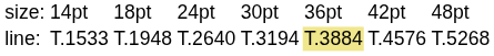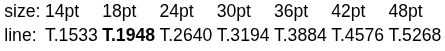 <table style="margin-left:40px;">
 <tr>
 <td>size:</td>
 <td>14pt</td>
 <td>18pt</td>
 <td>24pt</td>
 <td>30pt</td>
 <td>36pt</td>
 <td>42pt</td>
 <td>48pt</td>
 </tr>
 <tr>
 <td>line:</td>
 <td>T.1533</td>
-<td>T.1948</td>
+<td><strong>T.1948</strong></td>
 <td>T.2640</td>
 <td>T.3194</td>
-<td style="background: khaki;">T.3884</td>
+<td>T.3884</td>
 <td>T.4576</td>
 <td>T.5268</td>
 </tr>
 </table>
